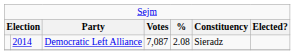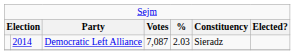 <table class = 'wikitable'>
 <tr>
 <td colspan="7" style="text-align:center;"><a href='#'>Sejm</a></td>
 </tr>
 <tr>
 <th colspan="2">Election</th>
 <th>Party</th>
 <th>Votes</th>
 <th>%</th>
 <th>Constituency</th>
 <th>Elected?</th>
 </tr>
 <tr>
 <td style="background-color: "></td>
 <td><a href='#'>2014</a></td>
 <td><a href='#'>Democratic Left Alliance</a></td>
 <td>7,087</td>
-<td>2.08</td>
+<td>2.03</td>
 <td>Sieradz</td>
 <td></td>
 </tr>
 <tr>
 </tr>
 </table>
